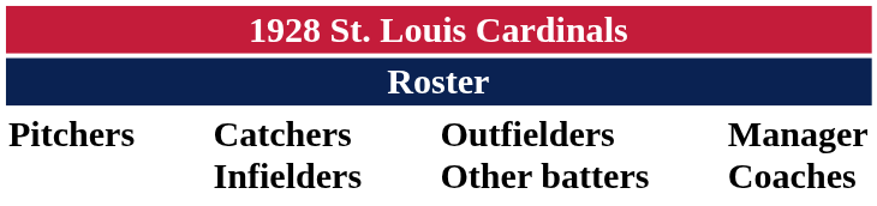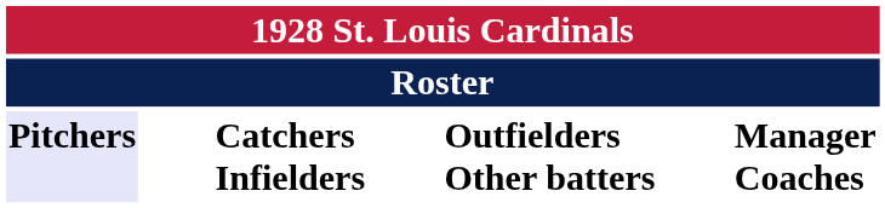 <table class="toccolours" style="font-size: 95%;">
 <tr>
 <th colspan="10" style="background-color: #c41c3a; color: white; text-align: center;">1928 St. Louis Cardinals</th>
 </tr>
 <tr>
 <td colspan="10" style="background-color: #0a2252; color: white; text-align: center;"><strong>Roster</strong></td>
 </tr>
 <tr>
-<td valign="top"><strong>Pitchers</strong><br>          </td>
+<td valign="top" style="background: lavender;"><strong>Pitchers</strong><br>          </td>
 <td width="25px"></td>
 <td valign="top"><strong>Catchers</strong><br>     <strong>Infielders</strong>       </td>
 <td width="25px"></td>
 <td valign="top"><strong>Outfielders</strong><br>       <strong>Other batters</strong> </td>
 <td width="25px"></td>
 <td valign="top"><strong>Manager</strong><br> <strong>Coaches</strong>  </td>
 </tr>
 </table>
